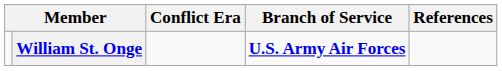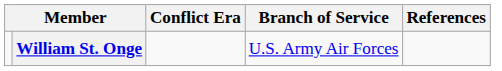 <table class=wikitable style="text-align:center">
 <tr>
 <th scope="col" colspan="2">Member</th>
 <th scope="col">Conflict Era</th>
 <th scope="col">Branch of Service</th>
 <th scope="col">References</th>
 </tr>
 <tr style="height:2em;">
 <td></td>
 <th scope="row"><a href='#'>William St. Onge</a></th>
 <td></td>
-<td><strong><a href='#'>U.S. Army Air Forces</a></strong></td>
+<td><a href='#'>U.S. Army Air Forces</a></td>
 <td></td>
 </tr>
 </table>
